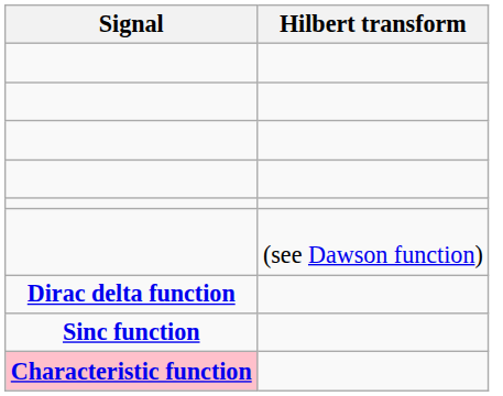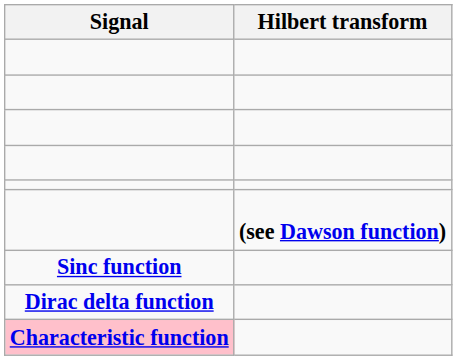 <table class="wikitable">
 <tr>
 <th>Signal <br></th>
 <th>Hilbert transform <br></th>
 </tr>
 <tr>
 <td align="center"> </td>
 <td align="center"><br></td>
 </tr>
 <tr>
 <td align="center"> </td>
 <td align="center"><br></td>
 </tr>
 <tr>
 <td align="center"></td>
 <td align="center"><br></td>
 </tr>
 <tr>
 <td align="center"></td>
 <td align="center"><br></td>
 </tr>
 <tr>
 <td align="center"></td>
 <td align="center"></td>
 </tr>
 <tr>
 <td align="center"></td>
-<td align="center"><br>(see <a href='#'>Dawson function</a>)</td>
+<td align="center"><strong><br>(see <a href='#'>Dawson function</a>)</strong></td>
+</tr>
+<tr>
+<td align="center"><strong><a href='#'>Sinc function</a></strong> <br></td>
+<td align="center"></td>
 </tr>
 <tr>
 <td align="center"><strong><a href='#'>Dirac delta function</a></strong> <br></td>
-<td align="center"></td>
-</tr>
-<tr>
-<td align="center"><strong><a href='#'>Sinc function</a></strong> <br></td>
 <td align="center"></td>
 </tr>
 <tr>
 <td align="center" style="background: pink;"><strong><a href='#'>Characteristic function</a></strong> <br></td>
 <td align="center"></td>
 </tr>
 </table>
